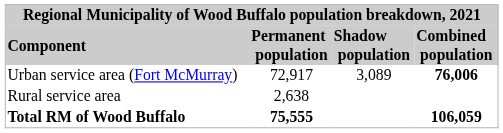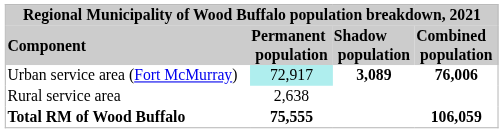 <table cellpadding="1" style="float:right; margin-left:1em; border:1px #bbb solid; border-collapse:collapse; font-size:90%;">
 <tr>
 <td colspan=5- bgcolor="#CCCCCC" style="text-align:center;"><strong>Regional Municipality of Wood Buffalo population breakdown, 2021</strong><br></td>
 </tr>
 <tr>
 </tr>
 <tr bgcolor="#CCCCCC" style="text-align:left;">
 <th>Component</th>
 <th>Permanent<br> population </th>
 <th>Shadow<br> population </th>
 <th>Combined<br> population </th>
 </tr>
 <tr>
 <td>Urban service area (<a href='#'>Fort McMurray</a>)   </td>
-<td align=center>72,917</td>
-<td align=center>3,089</td>
+<td align=center style="background: paleturquoise;">72,917</td>
+<td align=center><strong>3,089</strong></td>
 <td align=center><strong>76,006</strong></td>
 </tr>
 <tr>
 <td>Rural service area</td>
 <td align=center>2,638</td>
 <td align=center></td>
 <td align=center><strong></strong></td>
 </tr>
 <tr>
 <td><strong>Total RM of Wood Buffalo</strong></td>
 <td align=center><strong>75,555</strong></td>
 <td align=center><strong></strong></td>
 <td align=center><strong>106,059</strong></td>
 </tr>
 <tr>
 </tr>
 </table>
